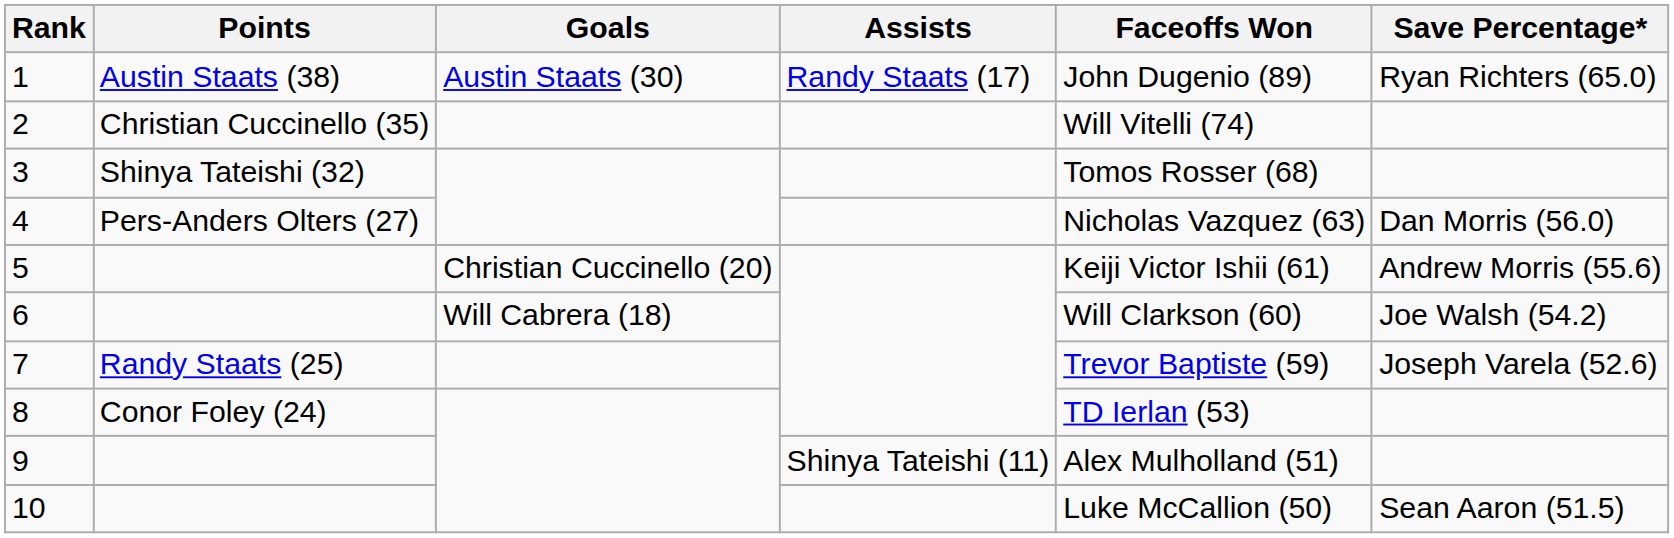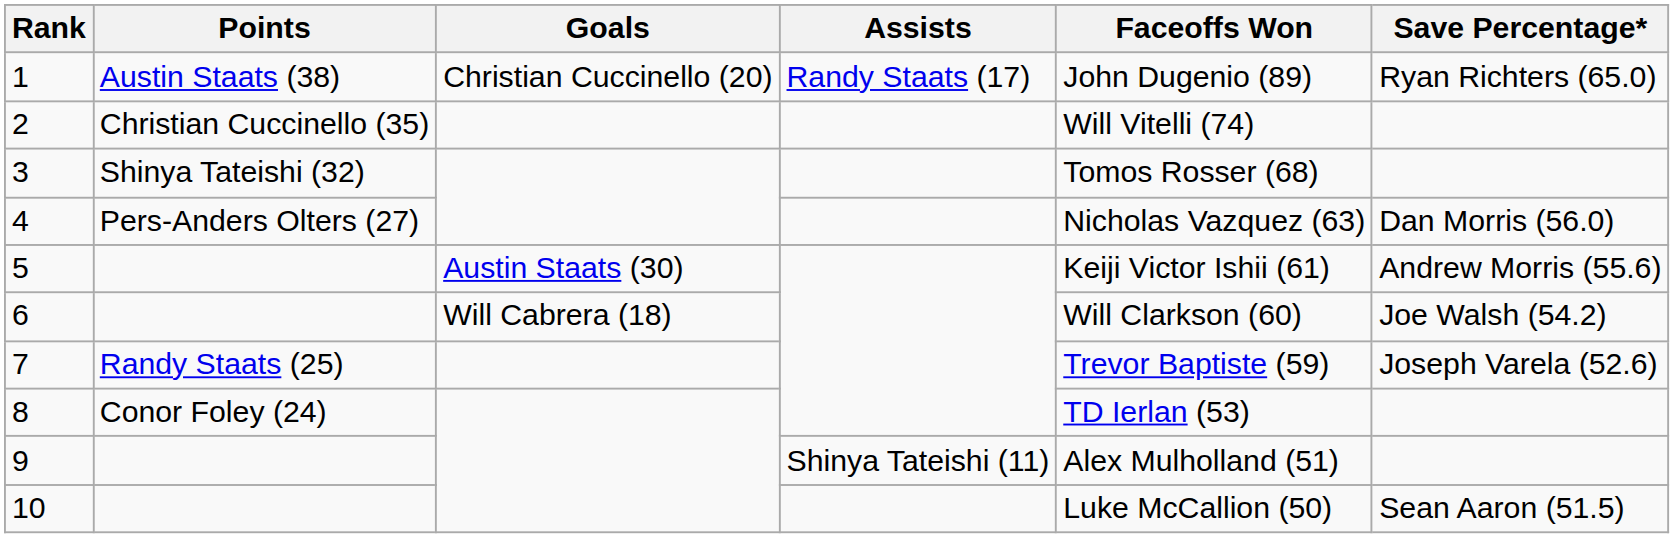 <table class="wikitable">
 <tr>
 <th>Rank</th>
 <th>Points</th>
 <th>Goals</th>
 <th>Assists</th>
 <th>Faceoffs Won</th>
 <th>Save Percentage*</th>
 </tr>
 <tr>
 <td>1</td>
 <td> <a href='#'>Austin Staats</a> (38)</td>
-<td> <a href='#'>Austin Staats</a> (30)</td>
+<td> Christian Cuccinello (20)</td>
 <td> <a href='#'>Randy Staats</a> (17)</td>
 <td> John Dugenio (89)</td>
 <td> Ryan Richters (65.0)</td>
 </tr>
 <tr>
 <td>2</td>
 <td> Christian Cuccinello (35)</td>
 <td></td>
 <td></td>
 <td> Will Vitelli (74)</td>
 <td></td>
 </tr>
 <tr>
 <td>3</td>
 <td> Shinya Tateishi (32)</td>
 <td rowspan="2"></td>
 <td></td>
 <td> Tomos Rosser (68)</td>
 <td></td>
 </tr>
 <tr>
 <td>4</td>
 <td> Pers-Anders Olters (27)</td>
 <td></td>
 <td> Nicholas Vazquez (63)</td>
 <td> Dan Morris (56.0)</td>
 </tr>
 <tr>
 <td>5</td>
 <td></td>
-<td> Christian Cuccinello (20)</td>
+<td> <a href='#'>Austin Staats</a> (30)</td>
 <td rowspan="4"></td>
 <td> Keiji Victor Ishii (61)</td>
 <td> Andrew Morris (55.6)</td>
 </tr>
 <tr>
 <td>6</td>
 <td></td>
 <td> Will Cabrera (18)</td>
 <td> Will Clarkson (60)</td>
 <td> Joe Walsh (54.2)</td>
 </tr>
 <tr>
 <td>7</td>
 <td> <a href='#'>Randy Staats</a> (25)</td>
 <td></td>
 <td> <a href='#'>Trevor Baptiste</a> (59)</td>
 <td> Joseph Varela (52.6)</td>
 </tr>
 <tr>
 <td>8</td>
 <td> Conor Foley (24)</td>
 <td rowspan="3"></td>
 <td> <a href='#'>TD Ierlan</a> (53)</td>
 <td></td>
 </tr>
 <tr>
 <td>9</td>
 <td></td>
 <td> Shinya Tateishi (11)</td>
 <td> Alex Mulholland (51)</td>
 <td></td>
 </tr>
 <tr>
 <td>10</td>
 <td></td>
 <td></td>
 <td> Luke McCallion (50)</td>
 <td> Sean Aaron (51.5)</td>
 </tr>
 </table>
